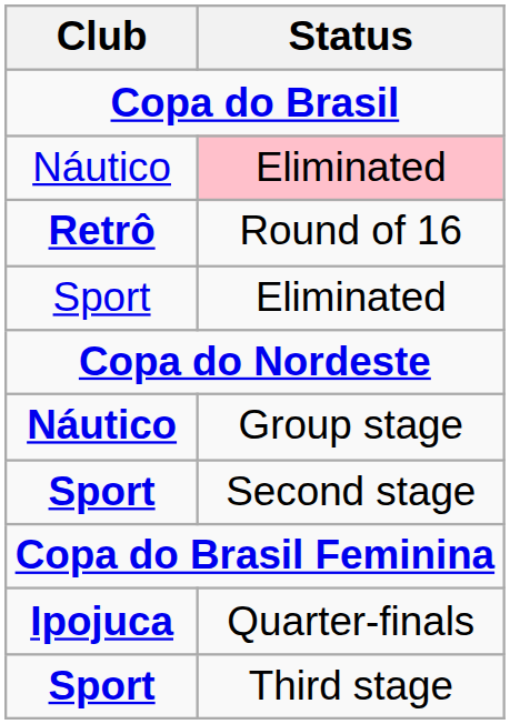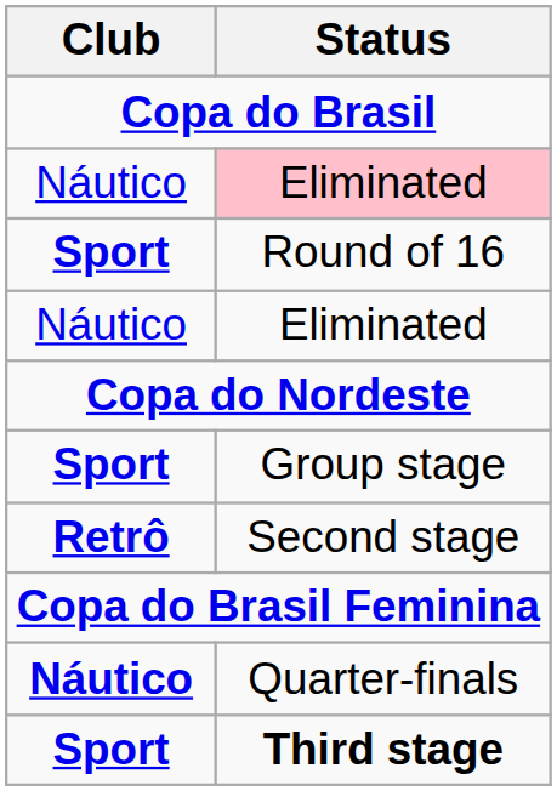 <table class=wikitable>
 <tr>
 <th>Club</th>
 <th>Status</th>
 </tr>
 <tr>
 <td align=center colspan=2><strong><a href='#'>Copa do Brasil</a></strong></td>
 </tr>
 <tr>
 <td align=center><a href='#'>Náutico</a></td>
 <td align=center style="background: pink;">Eliminated </td>
 </tr>
 <tr>
-<td align=center><strong><a href='#'>Retrô</a></strong></td>
+<td align=center><strong><a href='#'>Sport</a></strong></td>
 <td align=center>Round of 16</td>
 </tr>
 <tr>
-<td align=center><a href='#'>Sport</a></td>
+<td align=center><a href='#'>Náutico</a></td>
 <td align=center>Eliminated </td>
 </tr>
 <tr>
 <td align=center colspan=2><strong><a href='#'>Copa do Nordeste</a></strong></td>
 </tr>
 <tr>
-<td align=center><strong><a href='#'>Náutico</a></strong></td>
+<td align=center><strong><a href='#'>Sport</a></strong></td>
 <td align=center>Group stage</td>
 </tr>
 <tr>
-<td align=center><strong><a href='#'>Sport</a></strong></td>
+<td align=center><strong><a href='#'>Retrô</a></strong></td>
 <td align=center>Second stage</td>
 </tr>
 <tr>
 <td align=center colspan=2><strong><a href='#'>Copa do Brasil Feminina</a></strong></td>
 </tr>
 <tr>
-<td align=center><strong><a href='#'>Ipojuca</a></strong></td>
+<td align=center><strong><a href='#'>Náutico</a></strong></td>
 <td align=center>Quarter-finals</td>
 </tr>
 <tr>
 <td align=center><strong><a href='#'>Sport</a></strong></td>
-<td align=center>Third stage</td>
+<td align=center><strong>Third stage</strong></td>
 </tr>
 </table>
